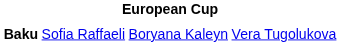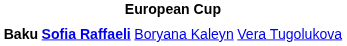 <table>
 <tr>
 <td colspan="4" style="text-align:center;"><strong>European Cup</strong></td>
 </tr>
 <tr>
 <th scope=row style="text-align:left">Baku</th>
-<td style="height:30px;"> <a href='#'>Sofia Raffaeli</a></td>
+<td style="height:30px;"><strong> <a href='#'>Sofia Raffaeli</a></strong></td>
 <td style="height:30px;"> <a href='#'>Boryana Kaleyn</a></td>
 <td style="height:30px;"> <a href='#'>Vera Tugolukova</a></td>
 </tr>
 <tr>
 </tr>
 </table>
